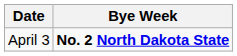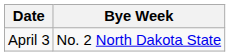 <table class="wikitable" style="font-size:95%;">
 <tr>
 <th>Date</th>
 <th>Bye Week</th>
 </tr>
 <tr>
 <td>April 3</td>
-<td><strong>No. 2 <a href='#'>North Dakota State</a></strong></td>
+<td>No. 2 <a href='#'>North Dakota State</a></td>
 </tr>
 </table>
